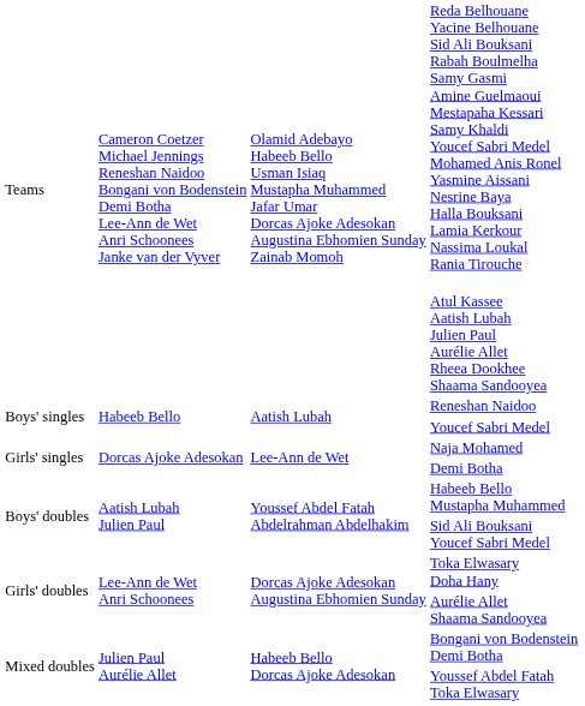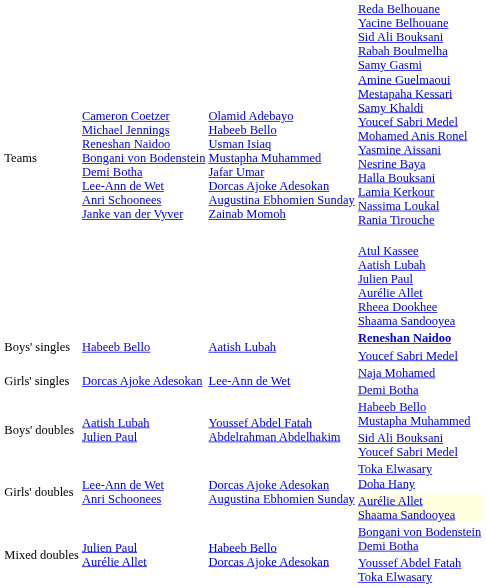 <table>
 <tr>
 <td rowspan=2>Teams</td>
 <td rowspan=2><br><a href='#'>Cameron Coetzer</a><br><a href='#'>Michael Jennings</a><br><a href='#'>Reneshan Naidoo</a><br><a href='#'>Bongani von Bodenstein</a><br><a href='#'>Demi Botha</a><br><a href='#'>Lee-Ann de Wet</a><br><a href='#'>Anri Schoonees</a><br><a href='#'>Janke van der Vyver</a></td>
 <td rowspan=2><br><a href='#'>Olamid Adebayo</a><br><a href='#'>Habeeb Bello</a><br><a href='#'>Usman Isiaq</a><br><a href='#'>Mustapha Muhammed</a><br><a href='#'>Jafar Umar</a><br><a href='#'>Dorcas Ajoke Adesokan</a><br><a href='#'>Augustina Ebhomien Sunday</a><br><a href='#'>Zainab Momoh</a></td>
 <td><br><a href='#'>Reda Belhouane</a><br><a href='#'>Yacine Belhouane</a><br><a href='#'>Sid Ali Bouksani</a><br><a href='#'>Rabah Boulmelha</a><br><a href='#'>Samy Gasmi</a><br><a href='#'>Amine Guelmaoui</a><br><a href='#'>Mestapaha Kessari</a><br><a href='#'>Samy Khaldi</a><br><a href='#'>Youcef Sabri Medel</a><br><a href='#'>Mohamed Anis Ronel</a><br><a href='#'>Yasmine Aissani</a><br><a href='#'>Nesrine Baya</a><br><a href='#'>Halla Bouksani</a><br><a href='#'>Lamia Kerkour</a><br><a href='#'>Nassima Loukal</a><br><a href='#'>Rania Tirouche</a></td>
 </tr>
 <tr>
 <td><br><a href='#'>Atul Kassee</a><br><a href='#'>Aatish Lubah</a><br><a href='#'>Julien Paul</a><br><a href='#'>Aurélie Allet</a><br><a href='#'>Rheea Dookhee</a><br><a href='#'>Shaama Sandooyea</a></td>
 </tr>
 <tr>
 <td rowspan=2>Boys' singles</td>
 <td rowspan=2> <a href='#'>Habeeb Bello</a></td>
 <td rowspan=2> <a href='#'>Aatish Lubah</a></td>
-<td> <a href='#'>Reneshan Naidoo</a></td>
+<td><strong> <a href='#'>Reneshan Naidoo</a></strong></td>
 </tr>
 <tr>
 <td> <a href='#'>Youcef Sabri Medel</a></td>
 </tr>
 <tr>
 <td rowspan=2>Girls' singles</td>
 <td rowspan=2> <a href='#'>Dorcas Ajoke Adesokan</a></td>
 <td rowspan=2> <a href='#'>Lee-Ann de Wet</a></td>
 <td> <a href='#'>Naja Mohamed</a></td>
 </tr>
 <tr>
 <td> <a href='#'>Demi Botha</a></td>
 </tr>
 <tr>
 <td rowspan=2>Boys' doubles</td>
 <td rowspan=2> <a href='#'>Aatish Lubah</a><br> <a href='#'>Julien Paul</a></td>
 <td rowspan=2> <a href='#'>Youssef Abdel Fatah</a><br> <a href='#'>Abdelrahman Abdelhakim</a></td>
 <td> <a href='#'>Habeeb Bello</a><br> <a href='#'>Mustapha Muhammed</a></td>
 </tr>
 <tr>
 <td> <a href='#'>Sid Ali Bouksani</a><br> <a href='#'>Youcef Sabri Medel</a></td>
 </tr>
 <tr>
 <td rowspan=2>Girls' doubles</td>
 <td rowspan=2> <a href='#'>Lee-Ann de Wet</a><br> <a href='#'>Anri Schoonees</a></td>
 <td rowspan=2> <a href='#'>Dorcas Ajoke Adesokan</a><br> <a href='#'>Augustina Ebhomien Sunday</a></td>
 <td> <a href='#'>Toka Elwasary</a><br> <a href='#'>Doha Hany</a></td>
 </tr>
 <tr>
-<td> <a href='#'>Aurélie Allet</a><br> <a href='#'>Shaama Sandooyea</a></td>
+<td style="background: lightyellow;"> <a href='#'>Aurélie Allet</a><br> <a href='#'>Shaama Sandooyea</a></td>
 </tr>
 <tr>
 <td rowspan=2>Mixed doubles</td>
 <td rowspan=2> <a href='#'>Julien Paul</a><br> <a href='#'>Aurélie Allet</a></td>
 <td rowspan=2> <a href='#'>Habeeb Bello</a><br> <a href='#'>Dorcas Ajoke Adesokan</a></td>
 <td> <a href='#'>Bongani von Bodenstein</a><br> <a href='#'>Demi Botha</a></td>
 </tr>
 <tr>
 <td> <a href='#'>Youssef Abdel Fatah</a><br> <a href='#'>Toka Elwasary</a></td>
 </tr>
 </table>
